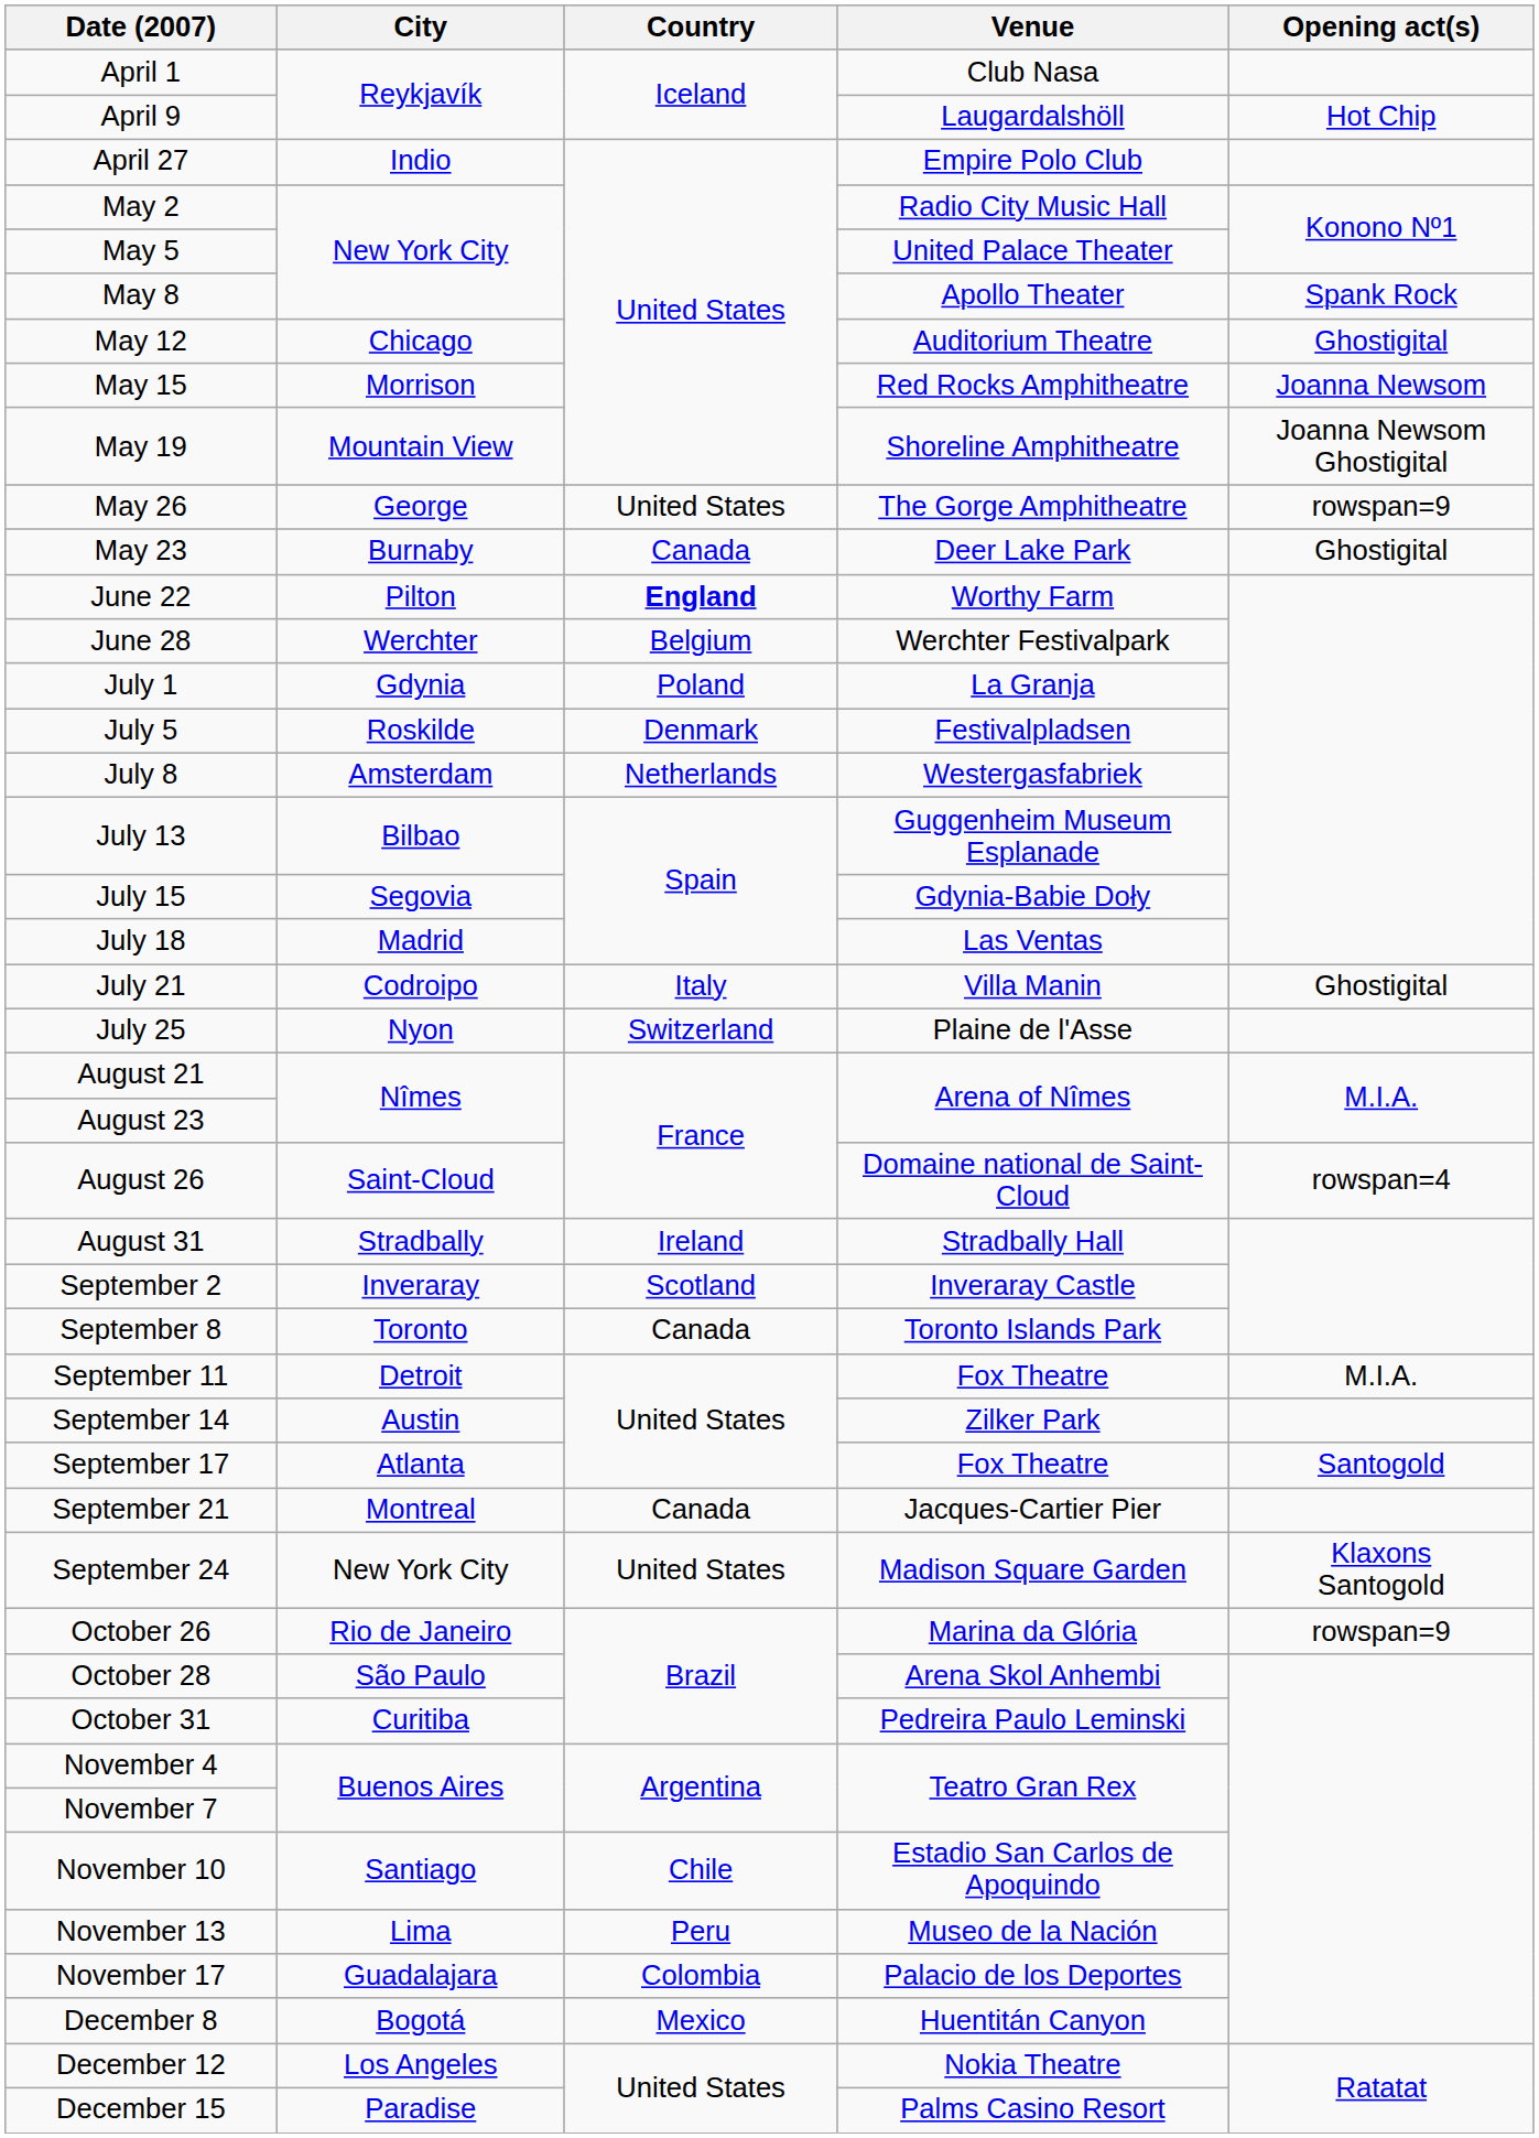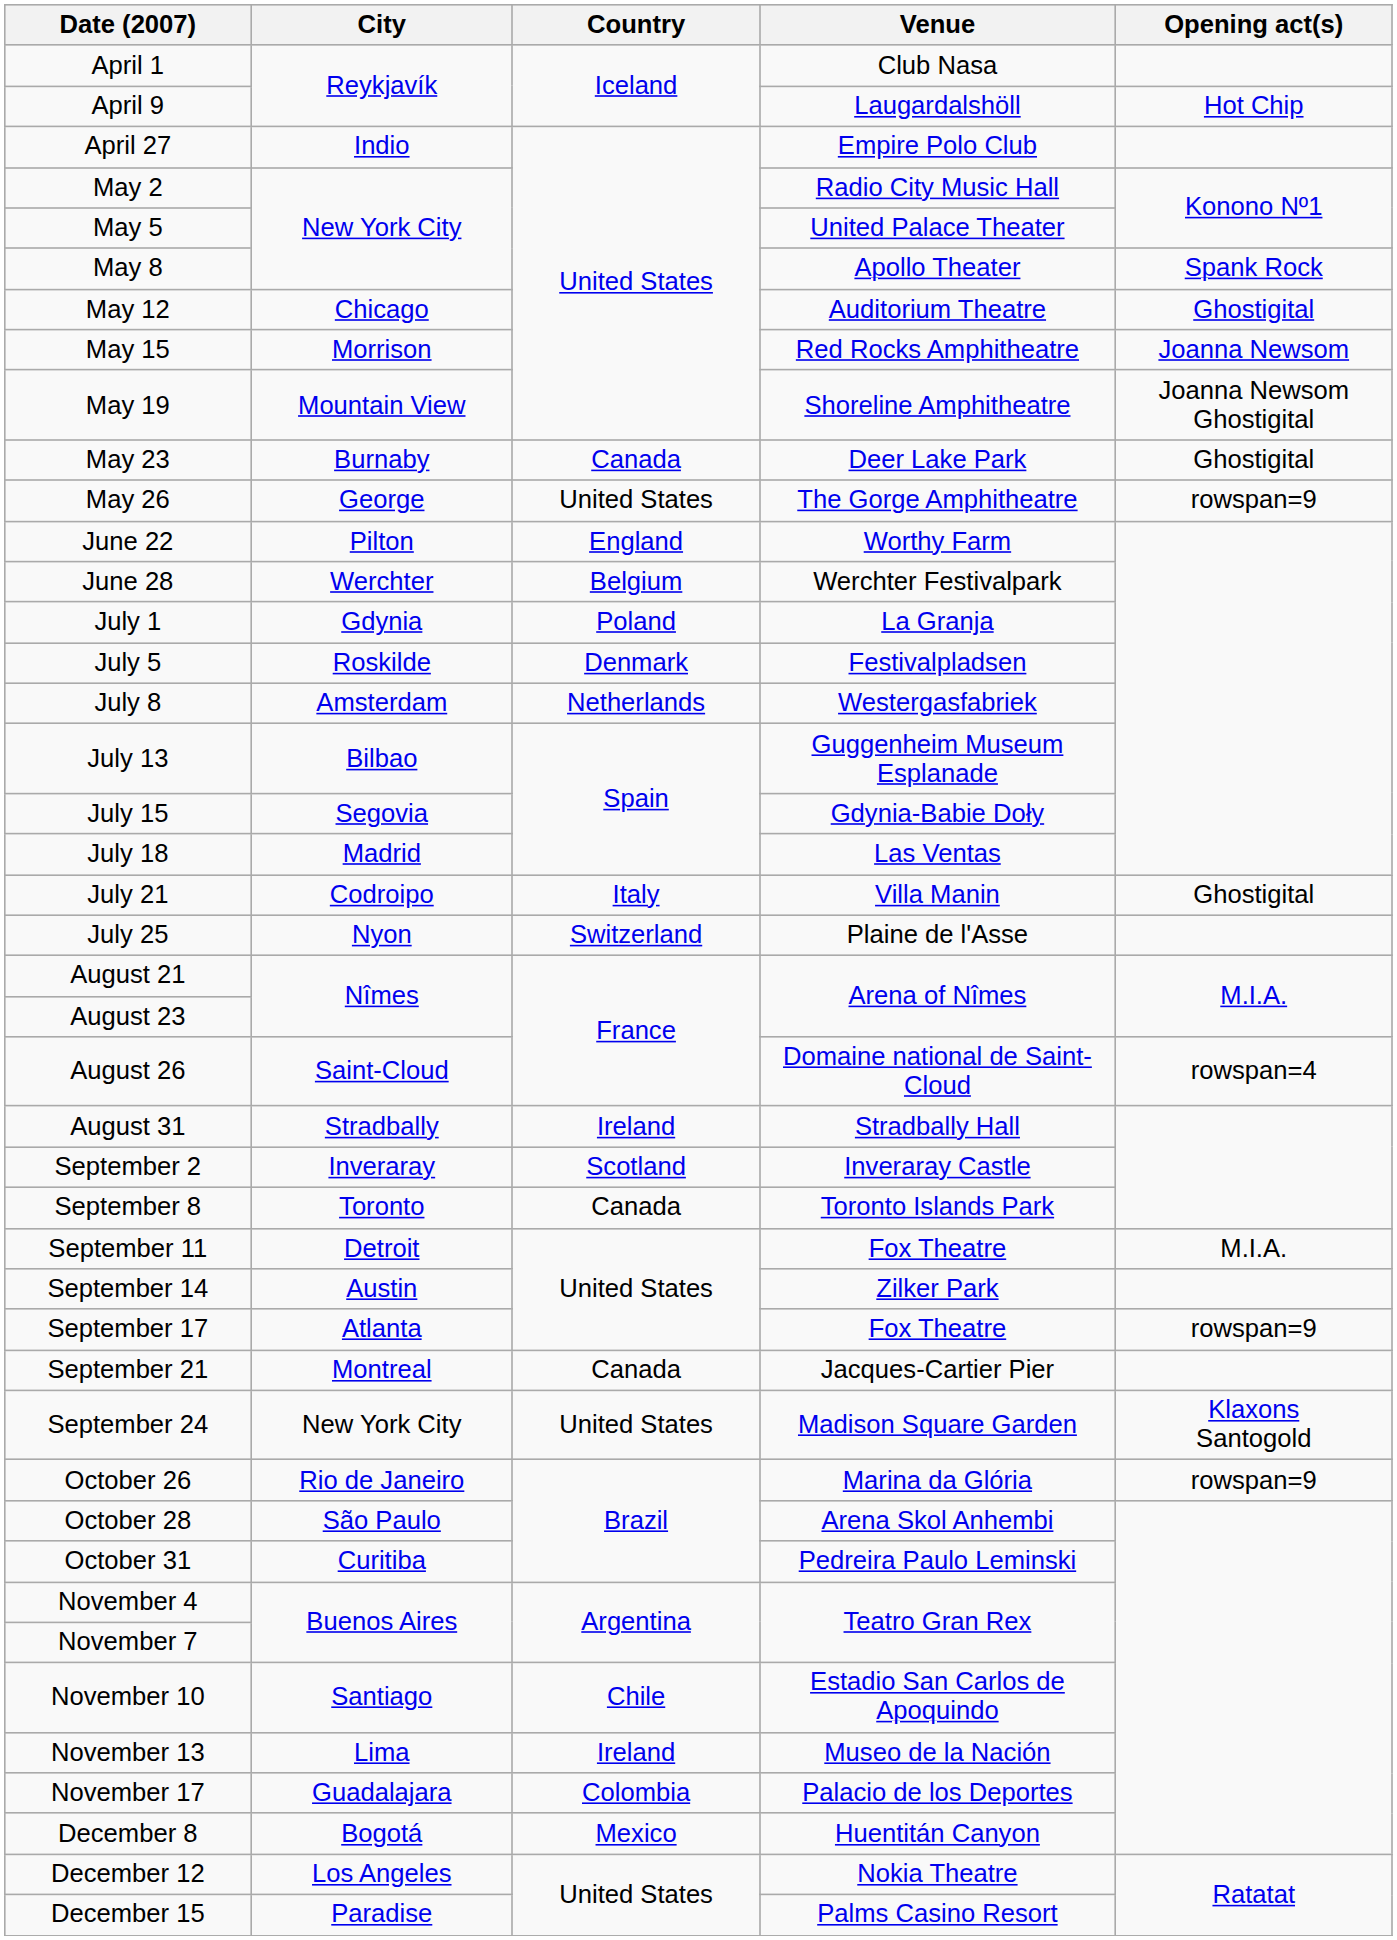 <table class="wikitable" style="text-align:center;">
 <tr>
 <th style="width:150px;">Date (2007)</th>
 <th style="width:160px;">City</th>
 <th style="width:150px;">Country</th>
 <th style="width:220px;">Venue</th>
 <th style="width:170px;">Opening act(s)</th>
 </tr>
 <tr>
 <td>April 1</td>
 <td rowspan=2><a href='#'>Reykjavík</a></td>
 <td rowspan=2><a href='#'>Iceland</a></td>
 <td>Club Nasa</td>
 <td></td>
 </tr>
 <tr>
 <td>April 9</td>
 <td><a href='#'>Laugardalshöll</a></td>
 <td><a href='#'>Hot Chip</a></td>
 </tr>
 <tr>
 <td>April 27</td>
 <td><a href='#'>Indio</a></td>
 <td rowspan="7"><a href='#'>United States</a></td>
 <td><a href='#'>Empire Polo Club</a></td>
 <td></td>
 </tr>
 <tr>
 <td>May 2</td>
 <td rowspan="3"><a href='#'>New York City</a></td>
 <td><a href='#'>Radio City Music Hall</a></td>
 <td rowspan=2><a href='#'>Konono Nº1</a></td>
 </tr>
 <tr>
 <td>May 5</td>
 <td><a href='#'>United Palace Theater</a></td>
 </tr>
 <tr>
 <td>May 8</td>
 <td><a href='#'>Apollo Theater</a></td>
 <td><a href='#'>Spank Rock</a></td>
 </tr>
 <tr>
 <td>May 12</td>
 <td><a href='#'>Chicago</a></td>
 <td><a href='#'>Auditorium Theatre</a></td>
 <td><a href='#'>Ghostigital</a></td>
 </tr>
 <tr>
 <td>May 15</td>
 <td><a href='#'>Morrison</a></td>
 <td><a href='#'>Red Rocks Amphitheatre</a></td>
 <td><a href='#'>Joanna Newsom</a></td>
 </tr>
 <tr>
 <td>May 19</td>
 <td><a href='#'>Mountain View</a></td>
 <td><a href='#'>Shoreline Amphitheatre</a></td>
 <td>Joanna Newsom<br>Ghostigital</td>
 </tr>
 <tr>
+<td>May 23</td>
+<td><a href='#'>Burnaby</a></td>
+<td><a href='#'>Canada</a></td>
+<td><a href='#'>Deer Lake Park</a></td>
+<td>Ghostigital</td>
+</tr>
+<tr>
 <td>May 26</td>
 <td><a href='#'>George</a></td>
 <td>United States</td>
 <td><a href='#'>The Gorge Amphitheatre</a></td>
 <td>rowspan=9 </td>
 </tr>
 <tr>
-<td>May 23</td>
-<td><a href='#'>Burnaby</a></td>
-<td><a href='#'>Canada</a></td>
-<td><a href='#'>Deer Lake Park</a></td>
-<td>Ghostigital</td>
-</tr>
-<tr>
 <td>June 22</td>
 <td><a href='#'>Pilton</a></td>
-<td><strong><a href='#'>England</a></strong></td>
+<td><a href='#'>England</a></td>
 <td><a href='#'>Worthy Farm</a></td>
 </tr>
 <tr>
 <td>June 28</td>
 <td><a href='#'>Werchter</a></td>
 <td><a href='#'>Belgium</a></td>
 <td>Werchter Festivalpark</td>
 </tr>
 <tr>
 <td>July 1</td>
 <td><a href='#'>Gdynia</a></td>
 <td><a href='#'>Poland</a></td>
 <td><a href='#'>La Granja</a></td>
 </tr>
 <tr>
 <td>July 5</td>
 <td><a href='#'>Roskilde</a></td>
 <td><a href='#'>Denmark</a></td>
 <td><a href='#'>Festivalpladsen</a></td>
 </tr>
 <tr>
 <td>July 8</td>
 <td><a href='#'>Amsterdam</a></td>
 <td><a href='#'>Netherlands</a></td>
 <td><a href='#'>Westergasfabriek</a></td>
 </tr>
 <tr>
 <td>July 13</td>
 <td><a href='#'>Bilbao</a></td>
 <td rowspan="3"><a href='#'>Spain</a></td>
 <td><a href='#'>Guggenheim Museum Esplanade</a></td>
 </tr>
 <tr>
 <td>July 15</td>
 <td><a href='#'>Segovia</a></td>
 <td><a href='#'>Gdynia-Babie Doły</a></td>
 </tr>
 <tr>
 <td>July 18</td>
 <td><a href='#'>Madrid</a></td>
 <td><a href='#'>Las Ventas</a></td>
 </tr>
 <tr>
 <td>July 21</td>
 <td><a href='#'>Codroipo</a></td>
 <td><a href='#'>Italy</a></td>
 <td><a href='#'>Villa Manin</a></td>
 <td>Ghostigital</td>
 </tr>
 <tr>
 <td>July 25</td>
 <td><a href='#'>Nyon</a></td>
 <td><a href='#'>Switzerland</a></td>
 <td>Plaine de l'Asse</td>
 <td></td>
 </tr>
 <tr>
 <td>August 21</td>
 <td rowspan="2"><a href='#'>Nîmes</a></td>
 <td rowspan="3"><a href='#'>France</a></td>
 <td rowspan="2"><a href='#'>Arena of Nîmes</a></td>
 <td rowspan="2"><a href='#'>M.I.A.</a></td>
 </tr>
 <tr>
 <td>August 23</td>
 </tr>
 <tr>
 <td>August 26</td>
 <td><a href='#'>Saint-Cloud</a></td>
 <td><a href='#'>Domaine national de Saint-Cloud</a></td>
 <td>rowspan=4 </td>
 </tr>
 <tr>
 <td>August 31</td>
 <td><a href='#'>Stradbally</a></td>
 <td><a href='#'>Ireland</a></td>
 <td><a href='#'>Stradbally Hall</a></td>
 </tr>
 <tr>
 <td>September 2</td>
 <td><a href='#'>Inveraray</a></td>
 <td><a href='#'>Scotland</a></td>
 <td><a href='#'>Inveraray Castle</a></td>
 </tr>
 <tr>
 <td>September 8</td>
 <td><a href='#'>Toronto</a></td>
 <td>Canada</td>
 <td><a href='#'>Toronto Islands Park</a></td>
 </tr>
 <tr>
 <td>September 11</td>
 <td><a href='#'>Detroit</a></td>
 <td rowspan="3">United States</td>
 <td><a href='#'>Fox Theatre</a></td>
 <td>M.I.A.</td>
 </tr>
 <tr>
 <td>September 14</td>
 <td><a href='#'>Austin</a></td>
 <td><a href='#'>Zilker Park</a></td>
 <td></td>
 </tr>
 <tr>
 <td>September 17</td>
 <td><a href='#'>Atlanta</a></td>
 <td><a href='#'>Fox Theatre</a></td>
-<td><a href='#'>Santogold</a></td>
+<td>rowspan=9 </td>
 </tr>
 <tr>
 <td>September 21</td>
 <td><a href='#'>Montreal</a></td>
 <td>Canada</td>
 <td>Jacques-Cartier Pier</td>
 <td></td>
 </tr>
 <tr>
 <td>September 24</td>
 <td>New York City</td>
 <td>United States</td>
 <td><a href='#'>Madison Square Garden</a></td>
 <td><a href='#'>Klaxons</a><br>Santogold</td>
 </tr>
 <tr>
 <td>October 26</td>
 <td><a href='#'>Rio de Janeiro</a></td>
 <td rowspan="3"><a href='#'>Brazil</a></td>
 <td><a href='#'>Marina da Glória</a></td>
 <td>rowspan=9 </td>
 </tr>
 <tr>
 <td>October 28</td>
 <td><a href='#'>São Paulo</a></td>
 <td><a href='#'>Arena Skol Anhembi</a></td>
 </tr>
 <tr>
 <td>October 31</td>
 <td><a href='#'>Curitiba</a></td>
 <td><a href='#'>Pedreira Paulo Leminski</a></td>
 </tr>
 <tr>
 <td>November 4</td>
 <td rowspan="2"><a href='#'>Buenos Aires</a></td>
 <td rowspan="2"><a href='#'>Argentina</a></td>
 <td rowspan="2"><a href='#'>Teatro Gran Rex</a></td>
 </tr>
 <tr>
 <td>November 7</td>
 </tr>
 <tr>
 <td>November 10</td>
 <td><a href='#'>Santiago</a></td>
 <td><a href='#'>Chile</a></td>
 <td><a href='#'>Estadio San Carlos de Apoquindo</a></td>
 </tr>
 <tr>
 <td>November 13</td>
 <td><a href='#'>Lima</a></td>
-<td><a href='#'>Peru</a></td>
+<td><a href='#'>Ireland</a></td>
 <td><a href='#'>Museo de la Nación</a></td>
 </tr>
 <tr>
 <td>November 17</td>
 <td><a href='#'>Guadalajara</a></td>
 <td><a href='#'>Colombia</a></td>
 <td><a href='#'>Palacio de los Deportes</a></td>
 </tr>
 <tr>
 <td>December 8</td>
 <td><a href='#'>Bogotá</a></td>
 <td><a href='#'>Mexico</a></td>
 <td><a href='#'>Huentitán Canyon</a></td>
 </tr>
 <tr>
 <td>December 12</td>
 <td><a href='#'>Los Angeles</a></td>
 <td rowspan="2">United States</td>
 <td><a href='#'>Nokia Theatre</a></td>
 <td rowspan=2><a href='#'>Ratatat</a></td>
 </tr>
 <tr>
 <td>December 15</td>
 <td><a href='#'>Paradise</a></td>
 <td><a href='#'>Palms Casino Resort</a></td>
 </tr>
 <tr>
 </tr>
 </table>
